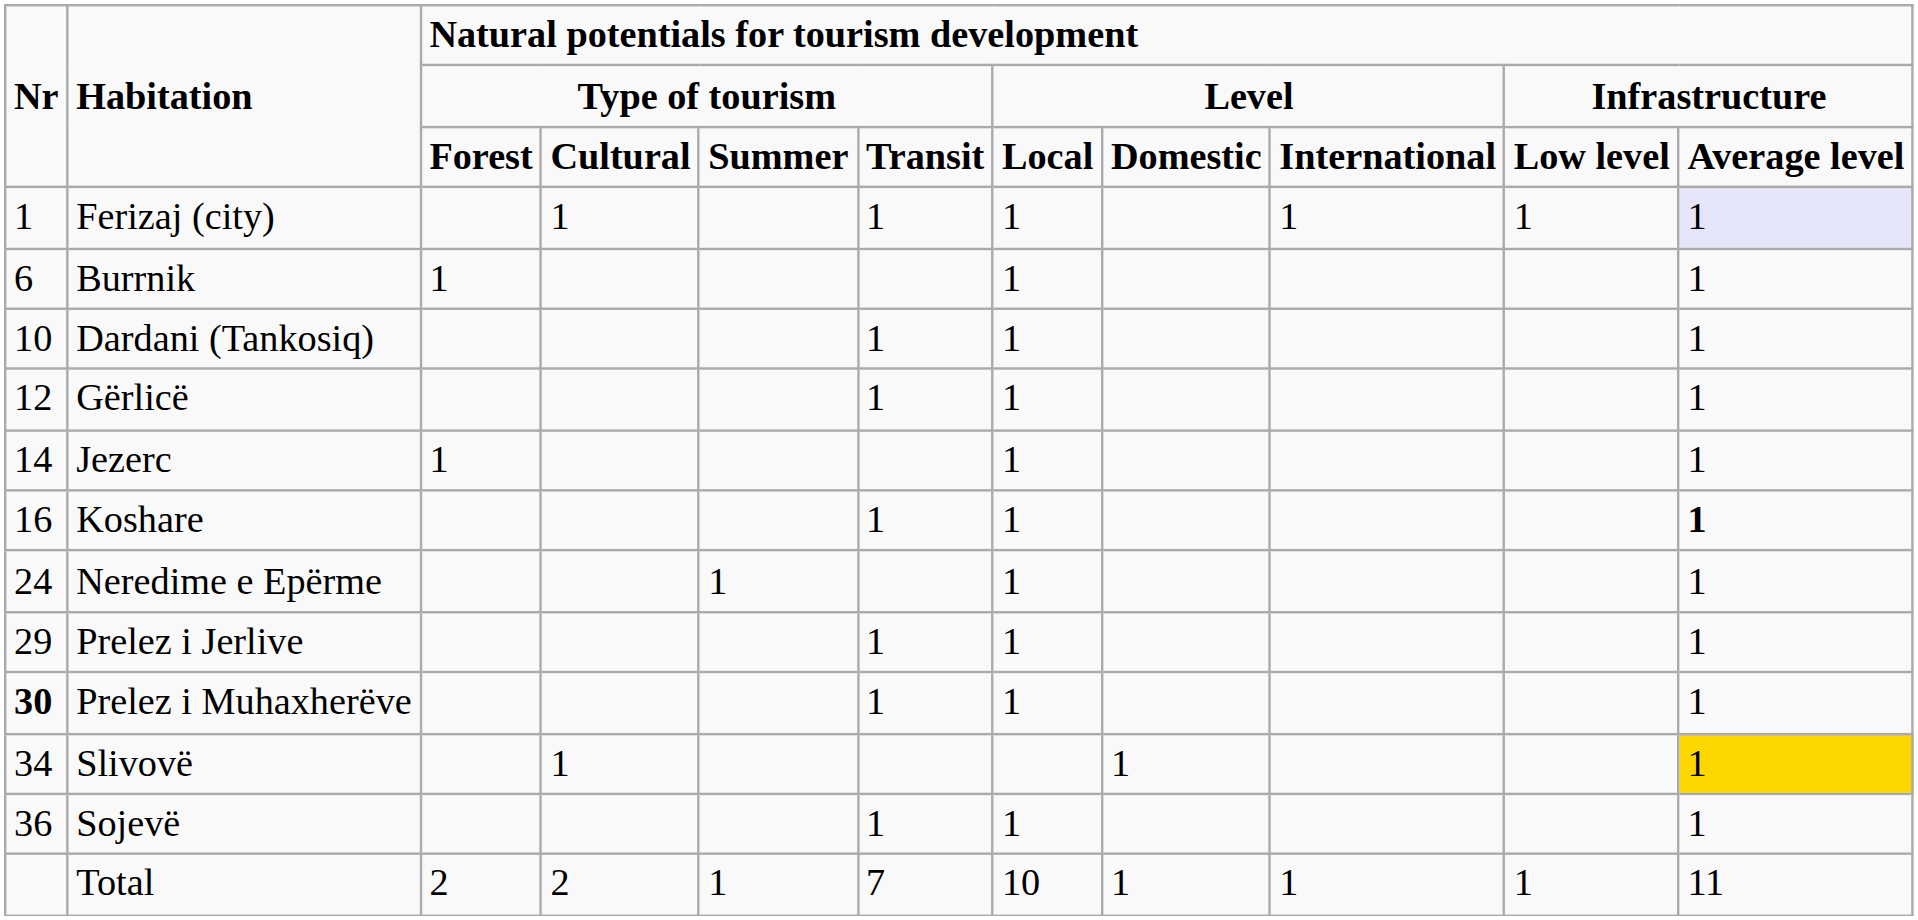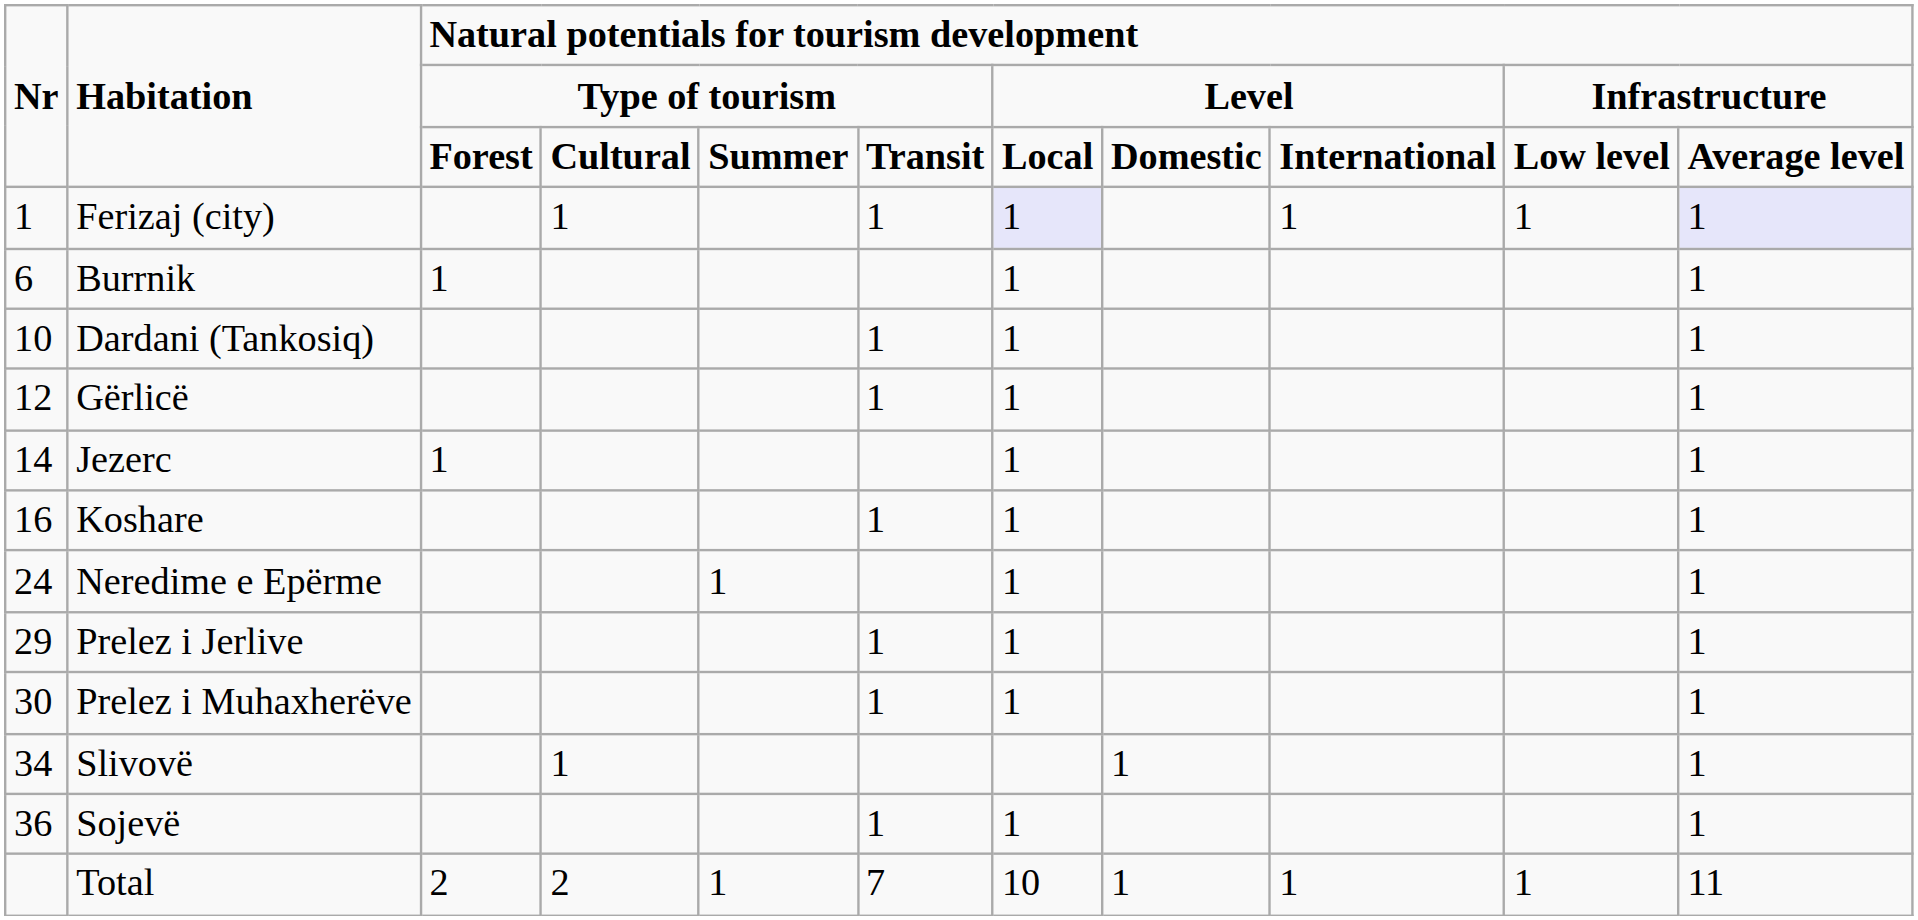 <table class="wikitable">
 <tr>
 <td rowspan="3"><strong>Nr</strong></td>
 <td rowspan="3"><strong>Habitation</strong></td>
 <td colspan="9"><strong>Natural potentials for tourism development</strong></td>
 </tr>
 <tr>
 <td colspan="4" style="text-align:center;"><strong>Type of tourism</strong></td>
 <td colspan="3" style="text-align:center;"><strong>Level</strong></td>
 <td colspan="2" style="text-align:center;"><strong>Infrastructure</strong></td>
 </tr>
 <tr>
 <td><strong>Forest</strong></td>
 <td><strong>Cultural</strong></td>
 <td><strong>Summer</strong></td>
 <td><strong>Transit</strong></td>
 <td><strong>Local</strong></td>
 <td><strong>Domestic</strong></td>
 <td><strong>International</strong></td>
 <td><strong>Low level</strong></td>
 <td><strong>Average level</strong></td>
 </tr>
 <tr>
 <td>1</td>
 <td>Ferizaj (city)</td>
 <td></td>
 <td>1</td>
 <td></td>
 <td>1</td>
-<td>1</td>
+<td style="background: lavender;">1</td>
 <td></td>
 <td>1</td>
 <td>1</td>
 <td style="background: lavender;">1</td>
 </tr>
 <tr>
 <td>6</td>
 <td>Burrnik</td>
 <td>1</td>
 <td></td>
 <td></td>
 <td></td>
 <td>1</td>
 <td></td>
 <td></td>
 <td></td>
 <td>1</td>
 </tr>
 <tr>
 <td>10</td>
 <td>Dardani (Tankosiq)</td>
 <td></td>
 <td></td>
 <td></td>
 <td>1</td>
 <td>1</td>
 <td></td>
 <td></td>
 <td></td>
 <td>1</td>
 </tr>
 <tr>
 <td>12</td>
 <td>Gërlicë</td>
 <td></td>
 <td></td>
 <td></td>
 <td>1</td>
 <td>1</td>
 <td></td>
 <td></td>
 <td></td>
 <td>1</td>
 </tr>
 <tr>
 <td>14</td>
 <td>Jezerc</td>
 <td>1</td>
 <td></td>
 <td></td>
 <td></td>
 <td>1</td>
 <td></td>
 <td></td>
 <td></td>
 <td>1</td>
 </tr>
 <tr>
 <td>16</td>
 <td>Koshare</td>
 <td></td>
 <td></td>
 <td></td>
 <td>1</td>
 <td>1</td>
 <td></td>
 <td></td>
 <td></td>
-<td><strong>1</strong></td>
+<td>1</td>
 </tr>
 <tr>
 <td>24</td>
 <td>Neredime e Epërme</td>
 <td></td>
 <td></td>
 <td>1</td>
 <td></td>
 <td>1</td>
 <td></td>
 <td></td>
 <td></td>
 <td>1</td>
 </tr>
 <tr>
 <td>29</td>
 <td>Prelez i Jerlive</td>
 <td></td>
 <td></td>
 <td></td>
 <td>1</td>
 <td>1</td>
 <td></td>
 <td></td>
 <td></td>
 <td>1</td>
 </tr>
 <tr>
-<td><strong>30</strong></td>
+<td>30</td>
 <td>Prelez i Muhaxherëve</td>
 <td></td>
 <td></td>
 <td></td>
 <td>1</td>
 <td>1</td>
 <td></td>
 <td></td>
 <td></td>
 <td>1</td>
 </tr>
 <tr>
 <td>34</td>
 <td>Slivovë</td>
 <td></td>
 <td>1</td>
 <td></td>
 <td></td>
 <td></td>
 <td>1</td>
 <td></td>
 <td></td>
-<td style="background: gold;">1</td>
+<td>1</td>
 </tr>
 <tr>
 <td>36</td>
 <td>Sojevë</td>
 <td></td>
 <td></td>
 <td></td>
 <td>1</td>
 <td>1</td>
 <td></td>
 <td></td>
 <td></td>
 <td>1</td>
 </tr>
 <tr>
 <td></td>
 <td>Total</td>
 <td>2</td>
 <td>2</td>
 <td>1</td>
 <td>7</td>
 <td>10</td>
 <td>1</td>
 <td>1</td>
 <td>1</td>
 <td>11</td>
 </tr>
 </table>
